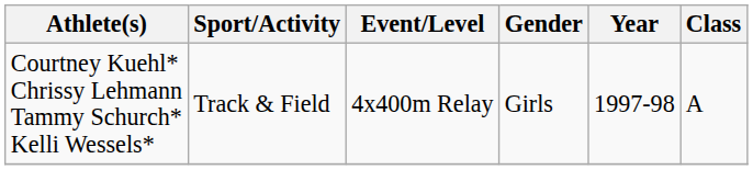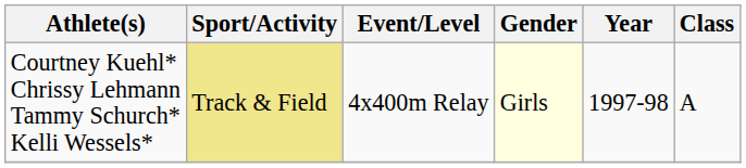 <table class="wikitable sortable" style="font-size:100%;">
 <tr>
 <th><strong>Athlete(s)</strong></th>
 <th><strong>Sport/Activity</strong></th>
 <th><strong>Event/Level</strong></th>
 <th><strong>Gender</strong></th>
 <th><strong>Year</strong></th>
 <th><strong>Class</strong></th>
 </tr>
 <tr>
 <td>Courtney Kuehl*<br>Chrissy Lehmann<br>Tammy Schurch*<br>Kelli Wessels*</td>
-<td>Track & Field</td>
+<td style="background: khaki;">Track & Field</td>
 <td>4x400m Relay</td>
-<td>Girls</td>
+<td style="background: lightyellow;">Girls</td>
 <td>1997-98</td>
 <td>A</td>
 </tr>
 <tr>
 </tr>
 </table>
